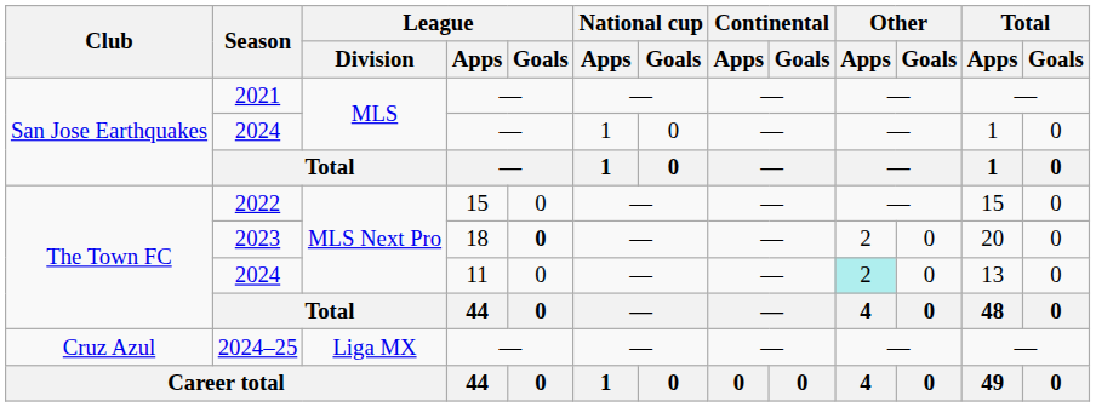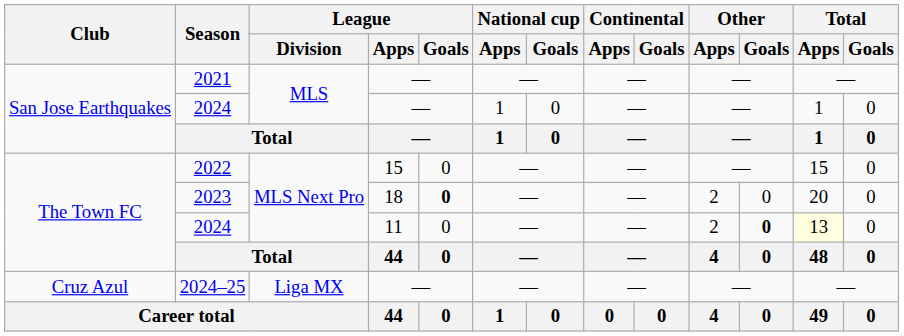 <table class="wikitable" style="text-align: center">
 <tr>
 <th rowspan="2">Club</th>
 <th rowspan="2">Season</th>
 <th colspan="3">League</th>
 <th colspan="2">National cup</th>
 <th colspan="2">Continental</th>
 <th colspan="2">Other</th>
 <th colspan="2">Total</th>
 </tr>
 <tr>
 <th>Division</th>
 <th>Apps</th>
 <th>Goals</th>
 <th>Apps</th>
 <th>Goals</th>
 <th>Apps</th>
 <th>Goals</th>
 <th>Apps</th>
 <th>Goals</th>
 <th>Apps</th>
 <th>Goals</th>
 </tr>
 <tr>
 <td rowspan=3><a href='#'>San Jose Earthquakes</a></td>
 <td><a href='#'>2021</a></td>
 <td rowspan=2><a href='#'>MLS</a></td>
 <td colspan="2">—</td>
 <td colspan="2">—</td>
 <td colspan="2">—</td>
 <td colspan="2">—</td>
 <td colspan="2">—</td>
 </tr>
 <tr>
 <td><a href='#'>2024</a></td>
 <td colspan="2">—</td>
 <td>1</td>
 <td>0</td>
 <td colspan="2">—</td>
 <td colspan="2">—</td>
 <td>1</td>
 <td>0</td>
 </tr>
 <tr>
 <th colspan=2>Total</th>
 <th colspan="2">—</th>
 <th>1</th>
 <th>0</th>
 <th colspan=2>—</th>
 <th colspan=2>—</th>
 <th>1</th>
 <th>0</th>
 </tr>
 <tr>
 <td rowspan=4><a href='#'>The Town FC</a></td>
 <td><a href='#'>2022</a></td>
 <td rowspan=3><a href='#'>MLS Next Pro</a></td>
 <td>15</td>
 <td>0</td>
 <td colspan="2">—</td>
 <td colspan="2">—</td>
 <td colspan="2">—</td>
 <td>15</td>
 <td>0</td>
 </tr>
 <tr>
 <td><a href='#'>2023</a></td>
 <td>18</td>
 <td><strong>0</strong></td>
 <td colspan="2">—</td>
 <td colspan="2">—</td>
 <td>2</td>
 <td>0</td>
 <td>20</td>
 <td>0</td>
 </tr>
 <tr>
 <td><a href='#'>2024</a></td>
 <td>11</td>
 <td>0</td>
 <td colspan="2">—</td>
 <td colspan="2">—</td>
-<td style="background: paleturquoise;">2</td>
-<td>0</td>
-<td>13</td>
+<td>2</td>
+<td><strong>0</strong></td>
+<td style="background: lightyellow;">13</td>
 <td>0</td>
 </tr>
 <tr>
 <th colspan=2>Total</th>
 <th>44</th>
 <th>0</th>
 <th colspan=2>—</th>
 <th colspan=2>—</th>
 <th>4</th>
 <th>0</th>
 <th>48</th>
 <th>0</th>
 </tr>
 <tr>
 <td rowspan=1><a href='#'>Cruz Azul</a></td>
 <td><a href='#'>2024–25</a></td>
 <td rowspan=1><a href='#'>Liga MX</a></td>
 <td colspan="2">—</td>
 <td colspan="2">—</td>
 <td colspan="2">—</td>
 <td colspan="2">—</td>
 <td colspan="2">—</td>
 </tr>
 <tr>
 <th colspan="3"><strong>Career total</strong></th>
 <th>44</th>
 <th>0</th>
 <th>1</th>
 <th>0</th>
 <th>0</th>
 <th>0</th>
 <th>4</th>
 <th>0</th>
 <th>49</th>
 <th>0</th>
 </tr>
 </table>
